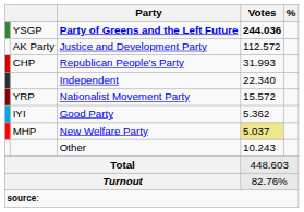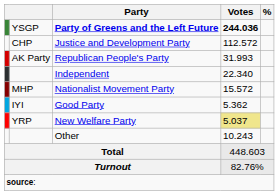 <table class="wikitable">
 <tr>
 <th colspan="2" align="center"></th>
 <th align="center">Party</th>
 <th align="center">Votes</th>
 <th align="center">%</th>
 </tr>
 <tr align="left">
 <td bgcolor="#388537" width="1"></td>
 <td>YSGP</td>
 <td><strong><a href='#'>Party of Greens and the Left Future</a></strong></td>
 <td><strong>244.036</strong></td>
 <td><strong></strong></td>
 </tr>
 <tr align="left">
 <td></td>
-<td>AK Party</td>
+<td>CHP</td>
 <td><a href='#'>Justice and Development Party</a></td>
 <td>112.572</td>
 <td></td>
 </tr>
 <tr align="left">
 <td bgcolor="#d50000" width="1"></td>
-<td>CHP</td>
+<td>AK Party</td>
 <td><a href='#'>Republican People's Party</a></td>
 <td>31.993</td>
 <td></td>
 </tr>
 <tr align="left">
 <td bgcolor="#2c2f31" width="1"></td>
 <td></td>
 <td><a href='#'>Independent</a></td>
 <td>22.340</td>
 <td></td>
 </tr>
 <tr align="left">
 <td bgcolor="#870000" width="1"></td>
-<td>YRP</td>
+<td>MHP</td>
 <td><a href='#'>Nationalist Movement Party</a></td>
 <td>15.572</td>
 <td></td>
 </tr>
 <tr align="left">
 <td bgcolor="#01A7E1" width="1"></td>
 <td>IYI</td>
 <td><a href='#'>Good Party</a></td>
 <td>5.362</td>
 <td></td>
 </tr>
 <tr align="left">
 <td bgcolor="#ff0000" width="1"></td>
-<td>MHP</td>
+<td>YRP</td>
 <td><a href='#'>New Welfare Party</a></td>
 <td style="background: khaki;">5.037</td>
 <td></td>
 </tr>
 <tr align="left">
 <td bgcolor="" width="1"></td>
 <td></td>
 <td>Other</td>
 <td>10.243</td>
 <td></td>
 </tr>
 <tr align="left" style="background-color:#E9E9E9">
 <th colspan="3" align="center"><strong>Total</strong></th>
 <td colspan="5" align="center">448.603</td>
 </tr>
 <tr align="left" style="background-color:#E9E9E9">
 <th colspan="3" align="center"><em>Turnout</em></th>
 <td colspan="5" align="center">82.76%</td>
 </tr>
 <tr>
 <td colspan="9" align="left"><small><strong>source</strong>: </small></td>
 </tr>
 </table>
